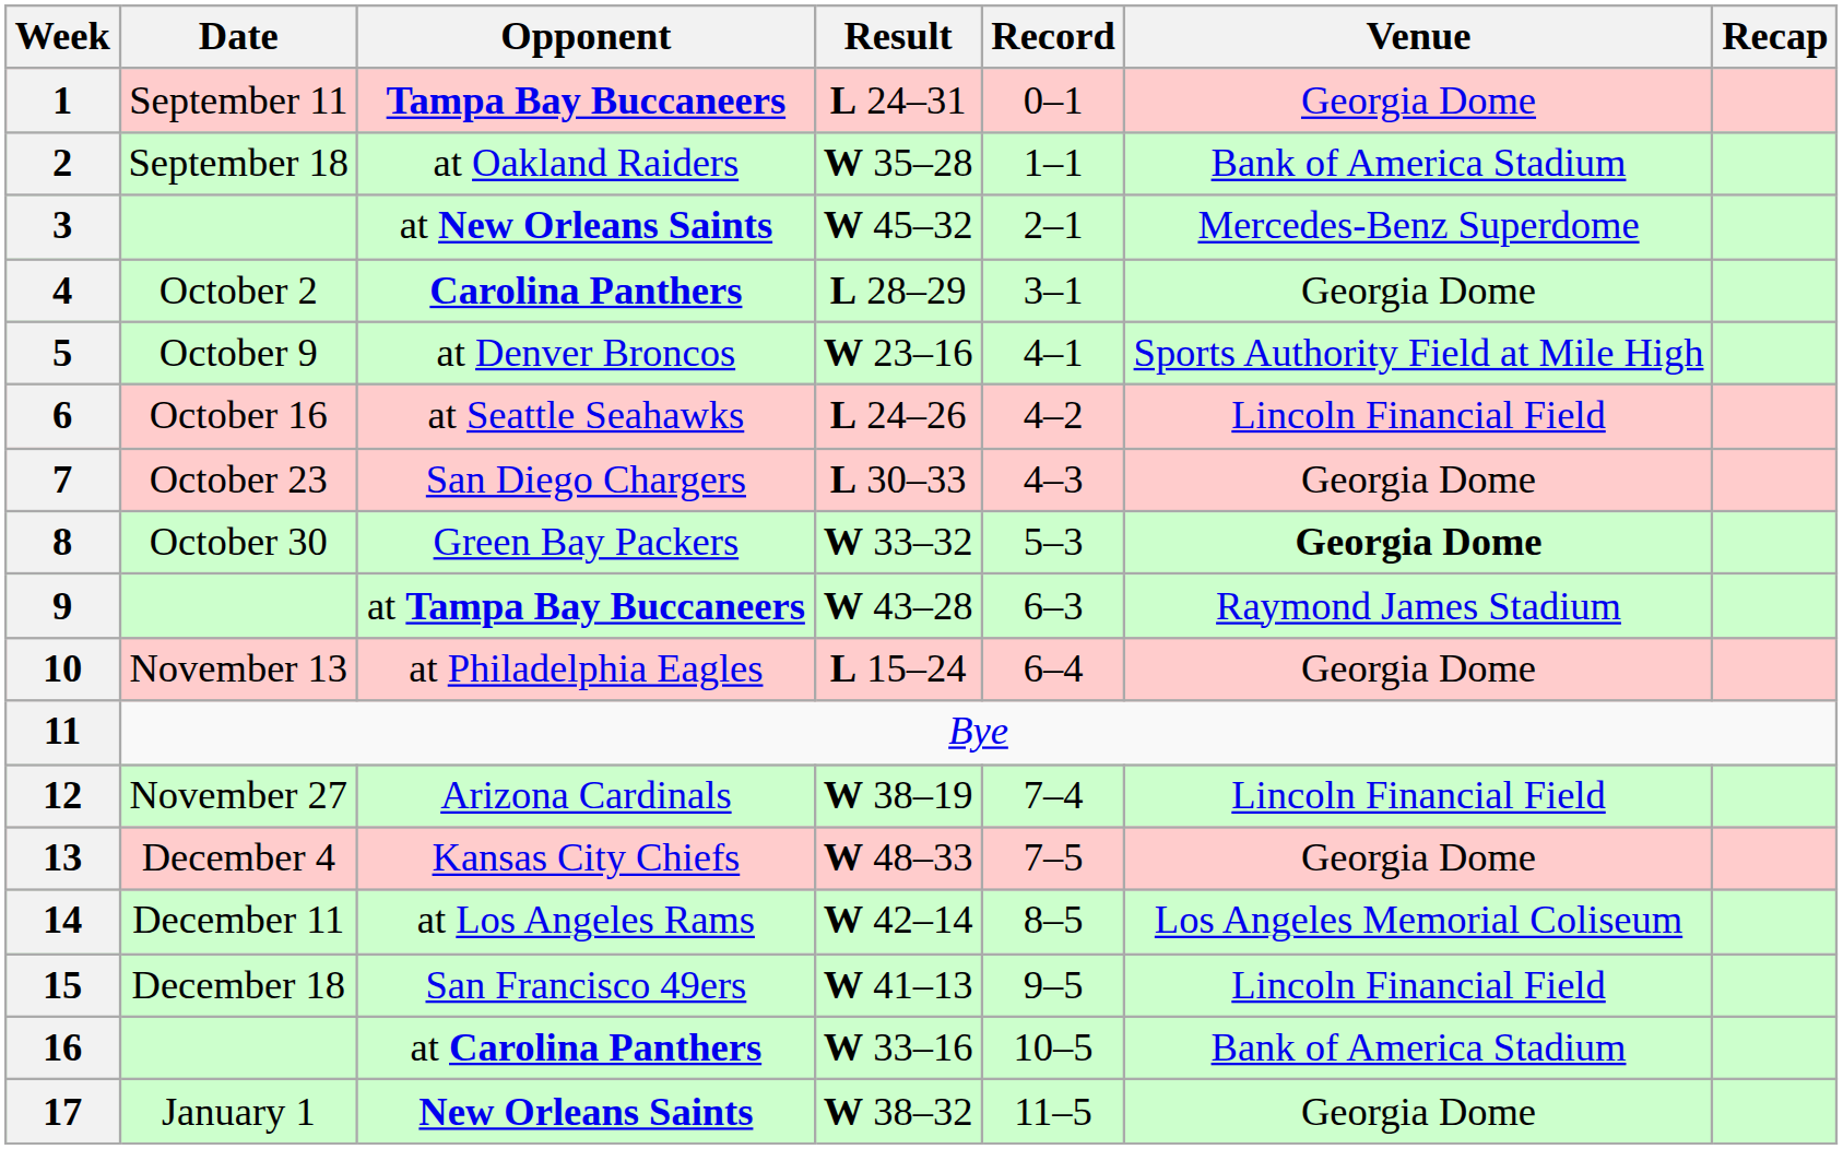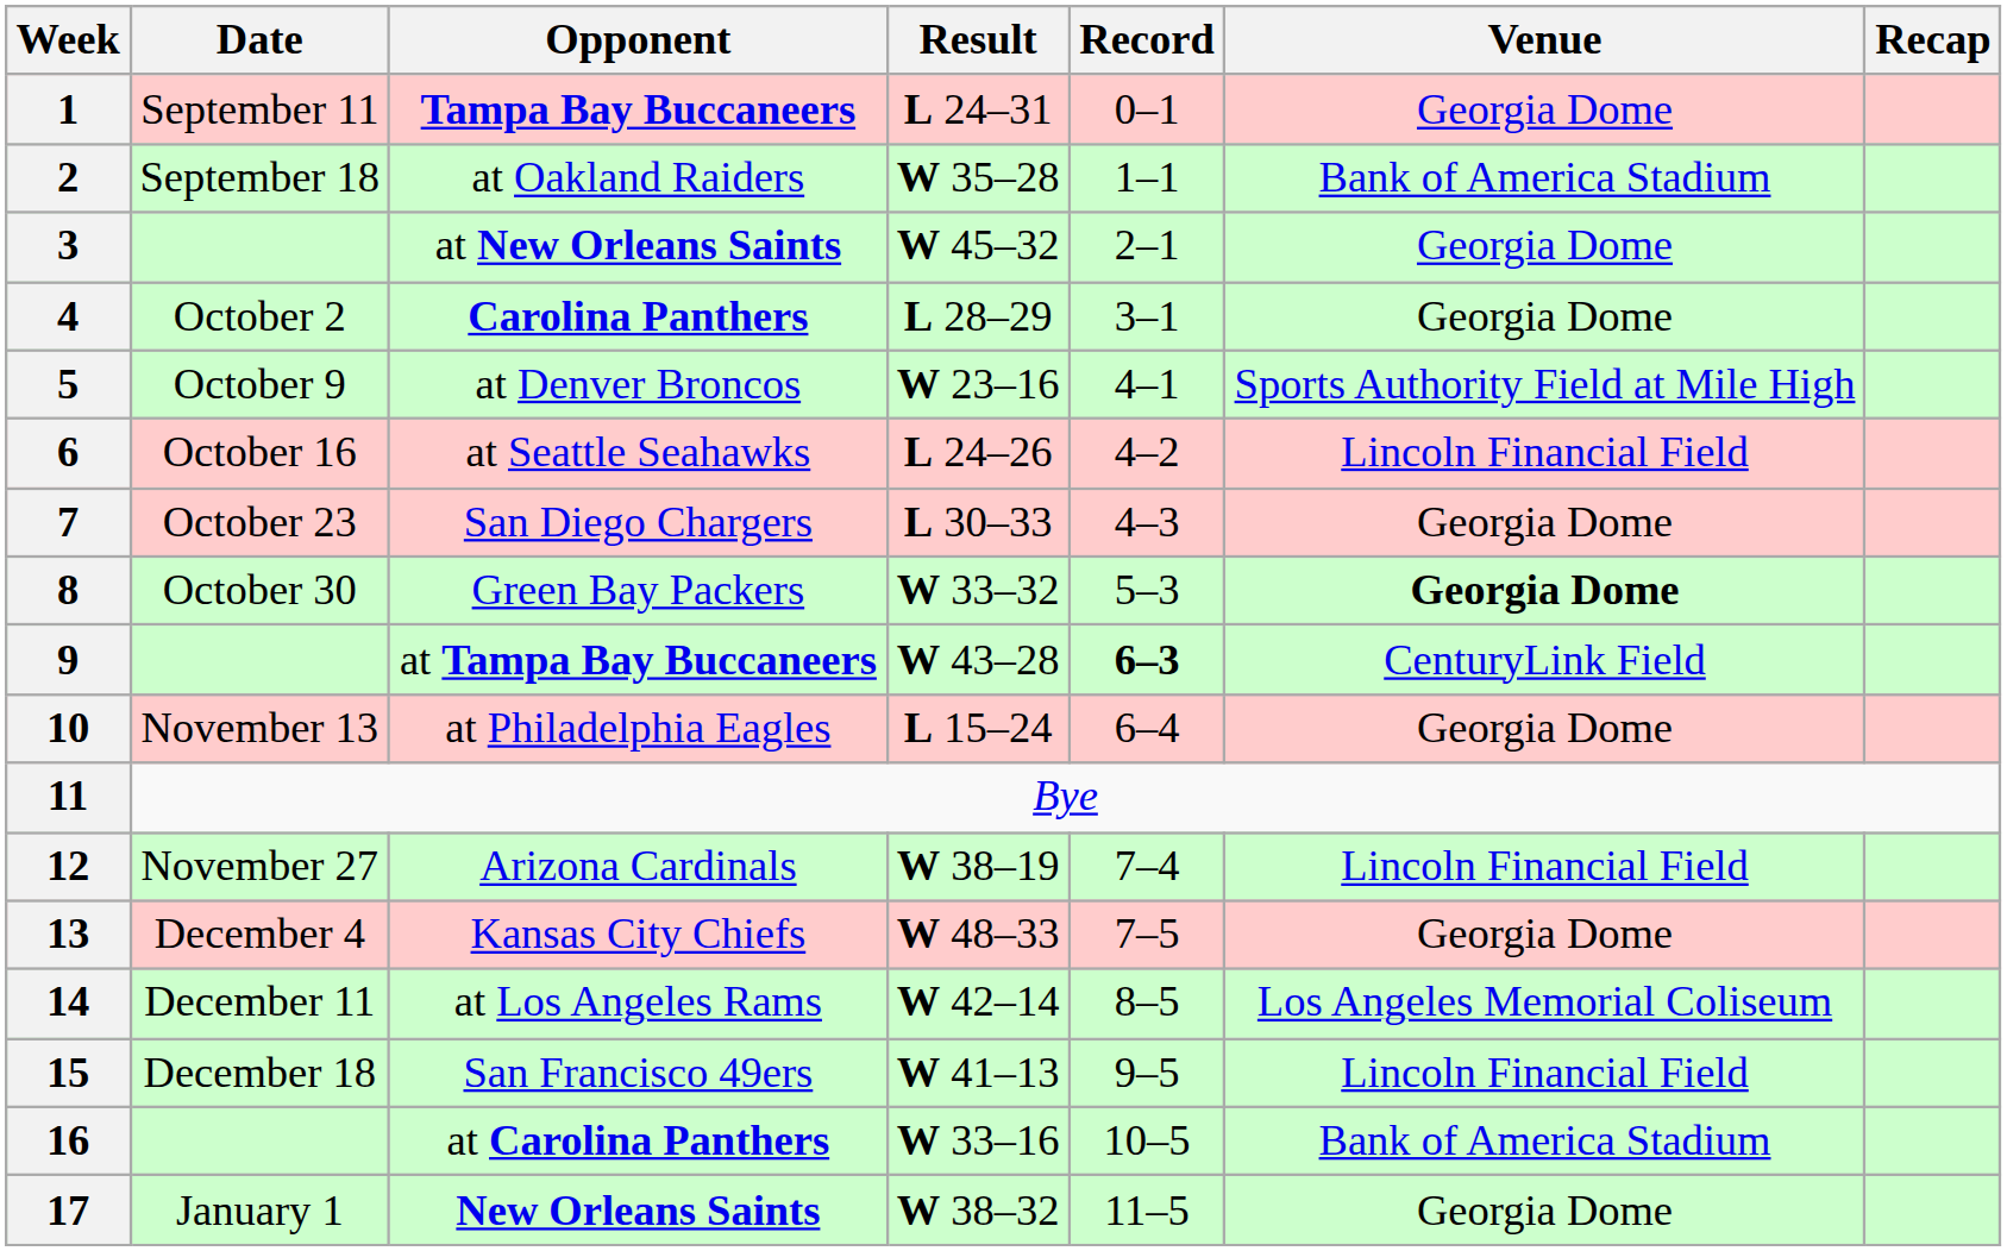 <table class="wikitable" style="text-align:center">
 <tr>
 <th>Week</th>
 <th>Date</th>
 <th>Opponent</th>
 <th>Result</th>
 <th>Record</th>
 <th>Venue</th>
 <th>Recap</th>
 </tr>
 <tr style="background:#fcc">
 <th>1</th>
 <td>September 11</td>
 <td><strong><a href='#'>Tampa Bay Buccaneers</a></strong></td>
 <td><strong>L</strong> 24–31</td>
 <td>0–1</td>
 <td><a href='#'>Georgia Dome</a></td>
 <td></td>
 </tr>
 <tr style="background:#cfc">
 <th>2</th>
 <td>September 18</td>
 <td>at <a href='#'>Oakland Raiders</a></td>
 <td><strong>W</strong> 35–28</td>
 <td>1–1</td>
 <td><a href='#'>Bank of America Stadium</a></td>
 <td></td>
 </tr>
 <tr style="background:#cfc">
 <th>3</th>
 <td></td>
 <td>at <strong><a href='#'>New Orleans Saints</a></strong></td>
 <td><strong>W</strong> 45–32</td>
 <td>2–1</td>
-<td><a href='#'>Mercedes-Benz Superdome</a></td>
+<td><a href='#'>Georgia Dome</a></td>
 <td></td>
 </tr>
 <tr style="background:#cfc">
 <th>4</th>
 <td>October 2</td>
 <td><strong><a href='#'>Carolina Panthers</a></strong></td>
 <td><strong>L</strong> 28–29</td>
 <td>3–1</td>
 <td>Georgia Dome</td>
 <td></td>
 </tr>
 <tr style="background:#cfc">
 <th>5</th>
 <td>October 9</td>
 <td>at <a href='#'>Denver Broncos</a></td>
 <td><strong>W</strong> 23–16</td>
 <td>4–1</td>
 <td><a href='#'>Sports Authority Field at Mile High</a></td>
 <td></td>
 </tr>
 <tr style="background:#fcc">
 <th>6</th>
 <td>October 16</td>
 <td>at <a href='#'>Seattle Seahawks</a></td>
 <td><strong>L</strong> 24–26</td>
 <td>4–2</td>
 <td><a href='#'>Lincoln Financial Field</a></td>
 <td></td>
 </tr>
 <tr style="background:#fcc">
 <th>7</th>
 <td>October 23</td>
 <td><a href='#'>San Diego Chargers</a></td>
 <td><strong>L</strong> 30–33 </td>
 <td>4–3</td>
 <td>Georgia Dome</td>
 <td></td>
 </tr>
 <tr style="background:#cfc">
 <th>8</th>
 <td>October 30</td>
 <td><a href='#'>Green Bay Packers</a></td>
 <td><strong>W</strong> 33–32</td>
 <td>5–3</td>
 <td><strong>Georgia Dome</strong></td>
 <td></td>
 </tr>
 <tr style="background:#cfc">
 <th>9</th>
 <td></td>
 <td>at <strong><a href='#'>Tampa Bay Buccaneers</a></strong></td>
 <td><strong>W</strong> 43–28</td>
-<td>6–3</td>
-<td><a href='#'>Raymond James Stadium</a></td>
+<td><strong>6–3</strong></td>
+<td><a href='#'>CenturyLink Field</a></td>
 <td></td>
 </tr>
 <tr style="background:#fcc">
 <th>10</th>
 <td>November 13</td>
 <td>at <a href='#'>Philadelphia Eagles</a></td>
 <td><strong>L</strong> 15–24</td>
 <td>6–4</td>
 <td>Georgia Dome</td>
 <td></td>
 </tr>
 <tr>
 <th>11</th>
 <td colspan="6"><em><a href='#'>Bye</a></em></td>
 </tr>
 <tr style="background:#cfc">
 <th>12</th>
 <td>November 27</td>
 <td><a href='#'>Arizona Cardinals</a></td>
 <td><strong>W</strong> 38–19</td>
 <td>7–4</td>
 <td><a href='#'>Lincoln Financial Field</a></td>
 <td></td>
 </tr>
 <tr style="background:#fcc">
 <th>13</th>
 <td>December 4</td>
 <td><a href='#'>Kansas City Chiefs</a></td>
 <td><strong>W</strong> 48–33</td>
 <td>7–5</td>
 <td>Georgia Dome</td>
 <td></td>
 </tr>
 <tr style="background:#cfc">
 <th>14</th>
 <td>December 11</td>
 <td>at <a href='#'>Los Angeles Rams</a></td>
 <td><strong>W</strong> 42–14</td>
 <td>8–5</td>
 <td><a href='#'>Los Angeles Memorial Coliseum</a></td>
 <td></td>
 </tr>
 <tr style="background:#cfc">
 <th>15</th>
 <td>December 18</td>
 <td><a href='#'>San Francisco 49ers</a></td>
 <td><strong>W</strong> 41–13</td>
 <td>9–5</td>
 <td><a href='#'>Lincoln Financial Field</a></td>
 <td></td>
 </tr>
 <tr style="background:#cfc">
 <th>16</th>
 <td></td>
 <td>at <strong><a href='#'>Carolina Panthers</a></strong></td>
 <td><strong>W</strong> 33–16</td>
 <td>10–5</td>
 <td><a href='#'>Bank of America Stadium</a></td>
 <td></td>
 </tr>
 <tr style="background:#cfc">
 <th>17</th>
 <td>January 1</td>
 <td><strong><a href='#'>New Orleans Saints</a></strong></td>
 <td><strong>W</strong> 38–32</td>
 <td>11–5</td>
 <td>Georgia Dome</td>
 <td></td>
 </tr>
 </table>
